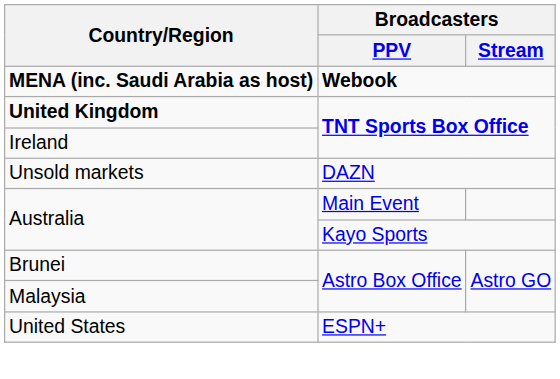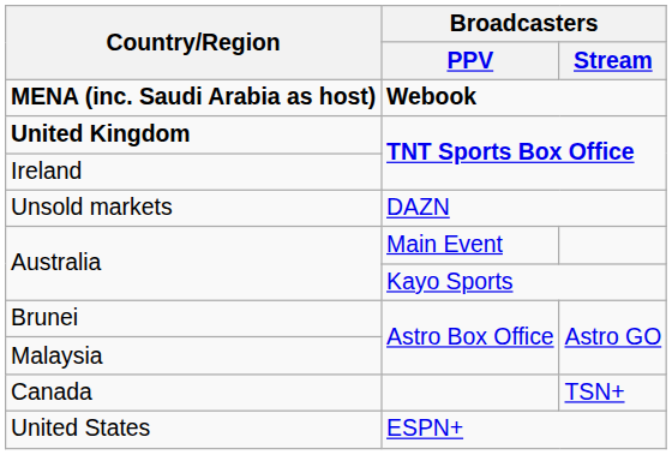 <table class="wikitable">
 <tr>
 <th rowspan="2">Country/Region</th>
 <th colspan="2">Broadcasters</th>
 </tr>
 <tr>
 <th><a href='#'>PPV</a></th>
 <th><a href='#'>Stream</a></th>
 </tr>
 <tr>
 <td><strong>MENA (inc. Saudi Arabia as host)</strong></td>
 <td colspan="2"><strong>Webook</strong></td>
 </tr>
 <tr>
 <td><strong>United Kingdom</strong></td>
 <td colspan="2" rowspan="2"><strong><a href='#'>TNT Sports Box Office</a></strong></td>
 </tr>
 <tr>
 <td>Ireland</td>
 </tr>
 <tr>
 <td>Unsold markets</td>
 <td colspan="2"><a href='#'>DAZN</a></td>
 </tr>
 <tr>
 <td rowspan="2">Australia</td>
 <td><a href='#'>Main Event</a></td>
 <td></td>
 </tr>
 <tr>
 <td colspan="2"><a href='#'>Kayo Sports</a></td>
 </tr>
 <tr>
 <td>Brunei</td>
 <td rowspan="2"><a href='#'>Astro Box Office</a></td>
 <td rowspan="2"><a href='#'>Astro GO</a></td>
 </tr>
 <tr>
 <td>Malaysia</td>
 </tr>
 <tr>
+<td>Canada</td>
+<td></td>
+<td><a href='#'>TSN+</a></td>
+</tr>
+<tr>
 <td>United States</td>
 <td colspan="2"><a href='#'>ESPN+</a></td>
 </tr>
 </table>
